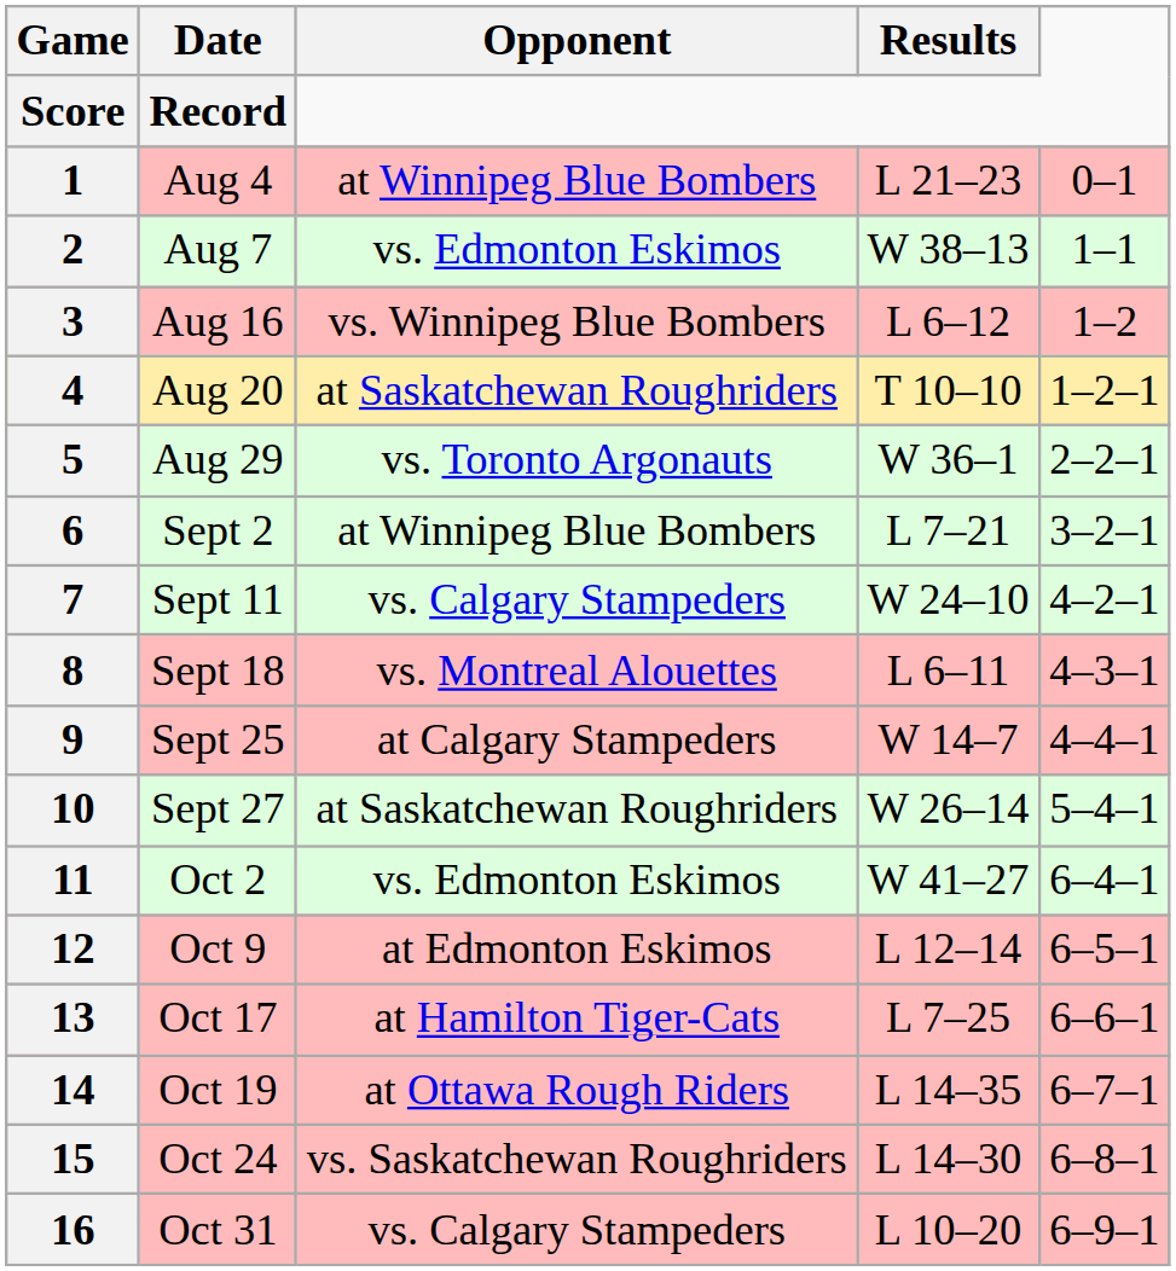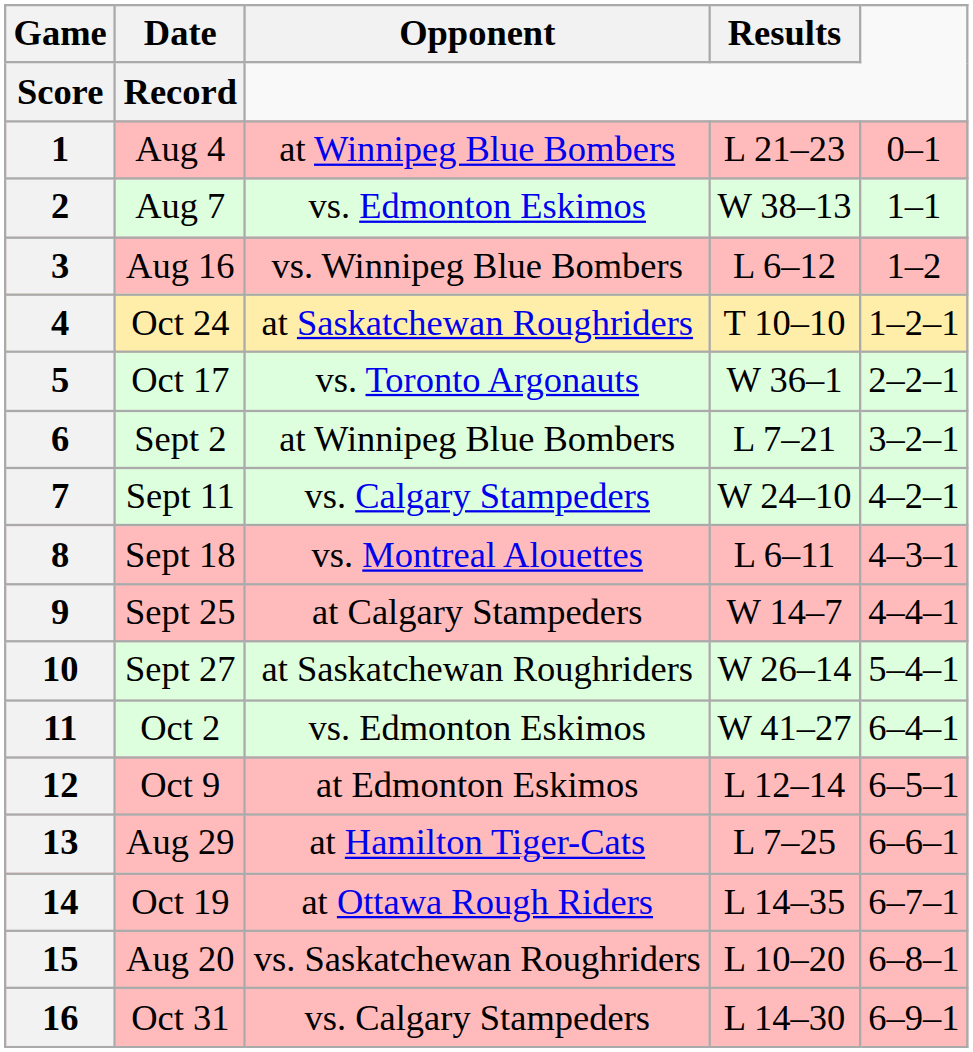 <table class="wikitable" style="text-align:center">
 <tr>
 <th>Game</th>
 <th>Date</th>
 <th>Opponent</th>
 <th>Results</th>
 </tr>
 <tr>
 <th>Score</th>
 <th>Record</th>
 </tr>
 <tr style="background:#ffbbbb">
 <th>1</th>
 <td>Aug 4</td>
 <td>at <a href='#'>Winnipeg Blue Bombers</a></td>
 <td>L 21–23</td>
 <td>0–1</td>
 </tr>
 <tr style="background:#ddffdd">
 <th>2</th>
 <td>Aug 7</td>
 <td>vs. <a href='#'>Edmonton Eskimos</a></td>
 <td>W 38–13</td>
 <td>1–1</td>
 </tr>
 <tr style="background:#ffbbbb">
 <th>3</th>
 <td>Aug 16</td>
 <td>vs. Winnipeg Blue Bombers</td>
 <td>L 6–12</td>
 <td>1–2</td>
 </tr>
 <tr style="background:#ffeeaa">
 <th>4</th>
-<td>Aug 20</td>
+<td>Oct 24</td>
 <td>at <a href='#'>Saskatchewan Roughriders</a></td>
 <td>T 10–10</td>
 <td>1–2–1</td>
 </tr>
 <tr style="background:#ddffdd">
 <th>5</th>
-<td>Aug 29</td>
+<td>Oct 17</td>
 <td>vs. <a href='#'>Toronto Argonauts</a></td>
 <td>W 36–1</td>
 <td>2–2–1</td>
 </tr>
 <tr style="background:#ddffdd">
 <th>6</th>
 <td>Sept 2</td>
 <td>at Winnipeg Blue Bombers</td>
 <td>L 7–21</td>
 <td>3–2–1</td>
 </tr>
 <tr style="background:#ddffdd">
 <th>7</th>
 <td>Sept 11</td>
 <td>vs. <a href='#'>Calgary Stampeders</a></td>
 <td>W 24–10</td>
 <td>4–2–1</td>
 </tr>
 <tr style="background:#ffbbbb">
 <th>8</th>
 <td>Sept 18</td>
 <td>vs. <a href='#'>Montreal Alouettes</a></td>
 <td>L 6–11</td>
 <td>4–3–1</td>
 </tr>
 <tr style="background:#ffbbbb">
 <th>9</th>
 <td>Sept 25</td>
 <td>at Calgary Stampeders</td>
 <td>W 14–7</td>
 <td>4–4–1</td>
 </tr>
 <tr style="background:#ddffdd">
 <th>10</th>
 <td>Sept 27</td>
 <td>at Saskatchewan Roughriders</td>
 <td>W 26–14</td>
 <td>5–4–1</td>
 </tr>
 <tr style="background:#ddffdd">
 <th>11</th>
 <td>Oct 2</td>
 <td>vs. Edmonton Eskimos</td>
 <td>W 41–27</td>
 <td>6–4–1</td>
 </tr>
 <tr style="background:#ffbbbb">
 <th>12</th>
 <td>Oct 9</td>
 <td>at Edmonton Eskimos</td>
 <td>L 12–14</td>
 <td>6–5–1</td>
 </tr>
 <tr style="background:#ffbbbb">
 <th>13</th>
-<td>Oct 17</td>
+<td>Aug 29</td>
 <td>at <a href='#'>Hamilton Tiger-Cats</a></td>
 <td>L 7–25</td>
 <td>6–6–1</td>
 </tr>
 <tr style="background:#ffbbbb">
 <th>14</th>
 <td>Oct 19</td>
 <td>at <a href='#'>Ottawa Rough Riders</a></td>
 <td>L 14–35</td>
 <td>6–7–1</td>
 </tr>
 <tr style="background:#ffbbbb">
 <th>15</th>
-<td>Oct 24</td>
+<td>Aug 20</td>
 <td>vs. Saskatchewan Roughriders</td>
-<td>L 14–30</td>
+<td>L 10–20</td>
 <td>6–8–1</td>
 </tr>
 <tr style="background:#ffbbbb">
 <th>16</th>
 <td>Oct 31</td>
 <td>vs. Calgary Stampeders</td>
-<td>L 10–20</td>
+<td>L 14–30</td>
 <td>6–9–1</td>
 </tr>
 </table>
